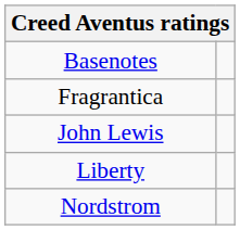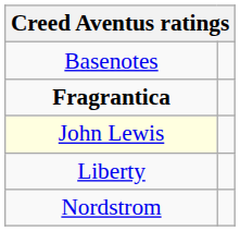 <table class="wikitable"  style="float:right; margin-left: 20px;">
 <tr>
 <th colspan=7>Creed Aventus ratings</th>
 </tr>
 <tr>
 <td align=center><a href='#'>Basenotes</a></td>
 <td align=center></td>
 </tr>
 <tr>
-<td align=center>Fragrantica</td>
+<td align=center><strong>Fragrantica</strong></td>
 <td align=center></td>
 </tr>
 <tr>
-<td align=center><a href='#'>John Lewis</a></td>
+<td align=center style="background: lightyellow;"><a href='#'>John Lewis</a></td>
 <td align=center></td>
 </tr>
 <tr>
 <td align=center><a href='#'>Liberty</a></td>
 <td align=center></td>
 </tr>
 <tr>
 <td align=center><a href='#'>Nordstrom</a></td>
 <td align=center></td>
 </tr>
 </table>
